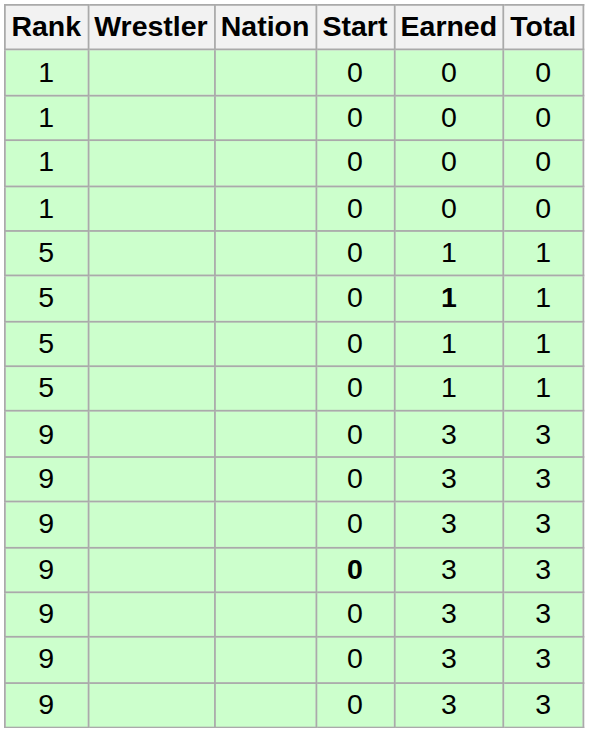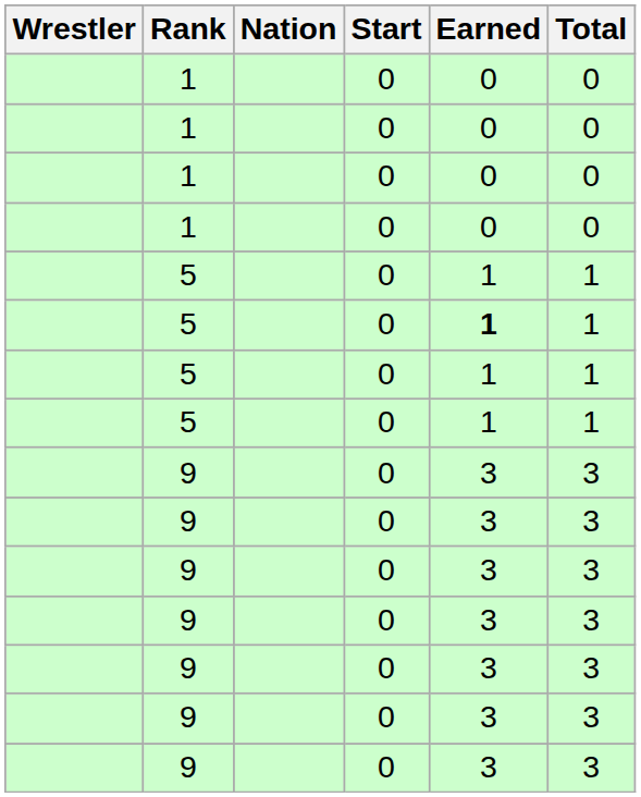 <table class="wikitable sortable" style="text-align:center;">
 <tr>
+<th>Wrestler</th>
 <th>Rank</th>
-<th>Wrestler</th>
 <th>Nation</th>
 <th>Start</th>
 <th>Earned</th>
 <th>Total</th>
 </tr>
 <tr style="background:#cfc;">
+<td align=left></td>
 <td>1</td>
-<td align=left></td>
 <td align=left></td>
 <td>0</td>
 <td>0</td>
 <td>0</td>
 </tr>
 <tr style="background:#cfc;">
+<td align=left></td>
 <td>1</td>
-<td align=left></td>
 <td align=left></td>
 <td>0</td>
 <td>0</td>
 <td>0</td>
 </tr>
 <tr style="background:#cfc;">
+<td align=left></td>
 <td>1</td>
-<td align=left></td>
 <td align=left></td>
 <td>0</td>
 <td>0</td>
 <td>0</td>
 </tr>
 <tr style="background:#cfc;">
+<td align=left></td>
 <td>1</td>
-<td align=left></td>
 <td align=left></td>
 <td>0</td>
 <td>0</td>
 <td>0</td>
 </tr>
 <tr style="background:#cfc;">
+<td align=left></td>
 <td>5</td>
-<td align=left></td>
 <td align=left></td>
 <td>0</td>
 <td>1</td>
 <td>1</td>
 </tr>
 <tr style="background:#cfc;">
+<td align=left></td>
 <td>5</td>
-<td align=left></td>
 <td align=left></td>
 <td>0</td>
 <td><strong>1</strong></td>
 <td>1</td>
 </tr>
 <tr style="background:#cfc;">
+<td align=left></td>
 <td>5</td>
-<td align=left></td>
 <td align=left></td>
 <td>0</td>
 <td>1</td>
 <td>1</td>
 </tr>
 <tr style="background:#cfc;">
+<td align=left></td>
 <td>5</td>
-<td align=left></td>
 <td align=left></td>
 <td>0</td>
 <td>1</td>
 <td>1</td>
 </tr>
 <tr style="background:#cfc;">
+<td align=left></td>
 <td>9</td>
-<td align=left></td>
 <td align=left></td>
 <td>0</td>
 <td>3</td>
 <td>3</td>
 </tr>
 <tr style="background:#cfc;">
+<td align=left></td>
 <td>9</td>
-<td align=left></td>
 <td align=left></td>
 <td>0</td>
 <td>3</td>
 <td>3</td>
 </tr>
 <tr style="background:#cfc;">
+<td align=left></td>
 <td>9</td>
-<td align=left></td>
 <td align=left></td>
 <td>0</td>
 <td>3</td>
 <td>3</td>
 </tr>
 <tr style="background:#cfc;">
+<td align=left></td>
 <td>9</td>
-<td align=left></td>
-<td align=left></td>
-<td><strong>0</strong></td>
-<td>3</td>
-<td>3</td>
-</tr>
-<tr style="background:#cfc;">
-<td>9</td>
-<td align=left></td>
 <td align=left></td>
 <td>0</td>
 <td>3</td>
 <td>3</td>
 </tr>
 <tr style="background:#cfc;">
+<td align=left></td>
 <td>9</td>
-<td align=left></td>
 <td align=left></td>
 <td>0</td>
 <td>3</td>
 <td>3</td>
 </tr>
 <tr style="background:#cfc;">
+<td align=left></td>
 <td>9</td>
 <td align=left></td>
+<td>0</td>
+<td>3</td>
+<td>3</td>
+</tr>
+<tr style="background:#cfc;">
+<td align=left></td>
+<td>9</td>
 <td align=left></td>
 <td>0</td>
 <td>3</td>
 <td>3</td>
 </tr>
 </table>
